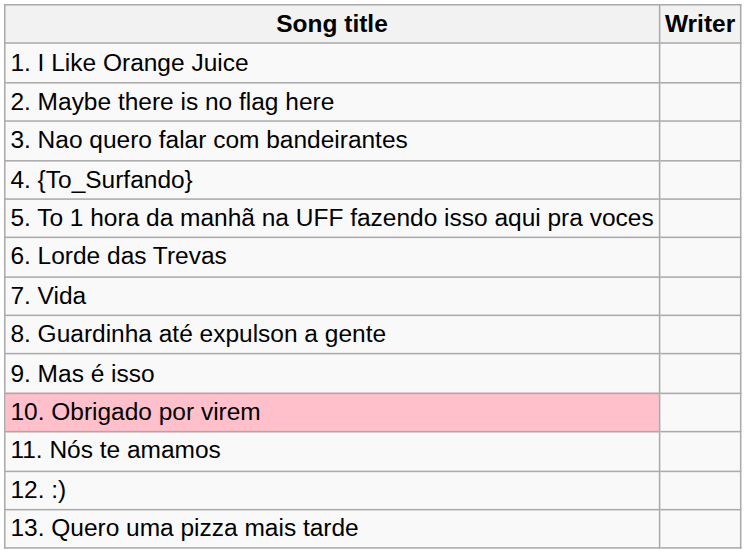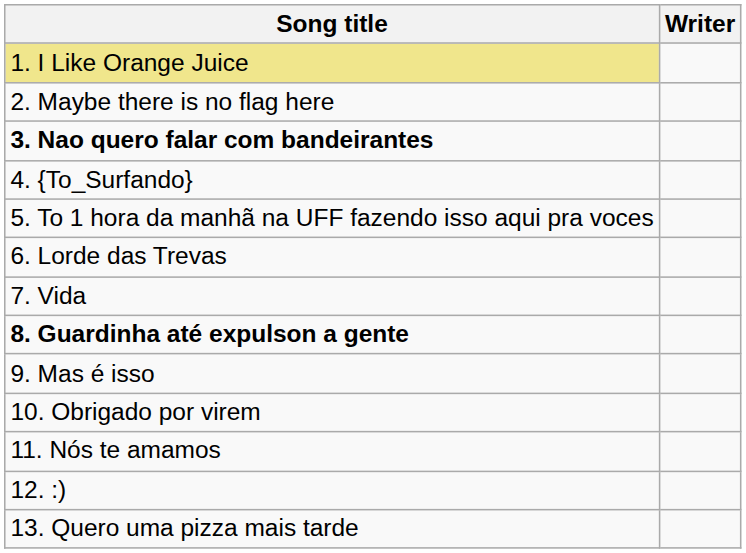 <table class="wikitable">
 <tr>
 <th>Song title</th>
 <th>Writer</th>
 </tr>
 <tr>
-<td>1. I Like Orange Juice</td>
+<td style="background: khaki;">1. I Like Orange Juice</td>
 <td></td>
 </tr>
 <tr>
 <td>2. Maybe there is no flag here</td>
 <td></td>
 </tr>
 <tr>
-<td>3. Nao quero falar com bandeirantes</td>
+<td><strong>3. Nao quero falar com bandeirantes</strong></td>
 <td></td>
 </tr>
 <tr>
 <td>4. {To_Surfando}</td>
 <td></td>
 </tr>
 <tr>
 <td>5. To 1 hora da manhã na UFF fazendo isso aqui pra voces</td>
 <td></td>
 </tr>
 <tr>
 <td>6. Lorde das Trevas</td>
 <td></td>
 </tr>
 <tr>
 <td>7. Vida</td>
 <td></td>
 </tr>
 <tr>
-<td>8. Guardinha até expulson a gente</td>
+<td><strong>8. Guardinha até expulson a gente</strong></td>
 <td></td>
 </tr>
 <tr>
 <td>9. Mas é isso</td>
 <td></td>
 </tr>
 <tr>
-<td style="background: pink;">10. Obrigado por virem</td>
+<td>10. Obrigado por virem</td>
 <td></td>
 </tr>
 <tr>
 <td>11. Nós te amamos</td>
 <td></td>
 </tr>
 <tr>
 <td>12. :)</td>
 <td></td>
 </tr>
 <tr>
 <td>13. Quero uma pizza mais tarde</td>
 <td></td>
 </tr>
 </table>
